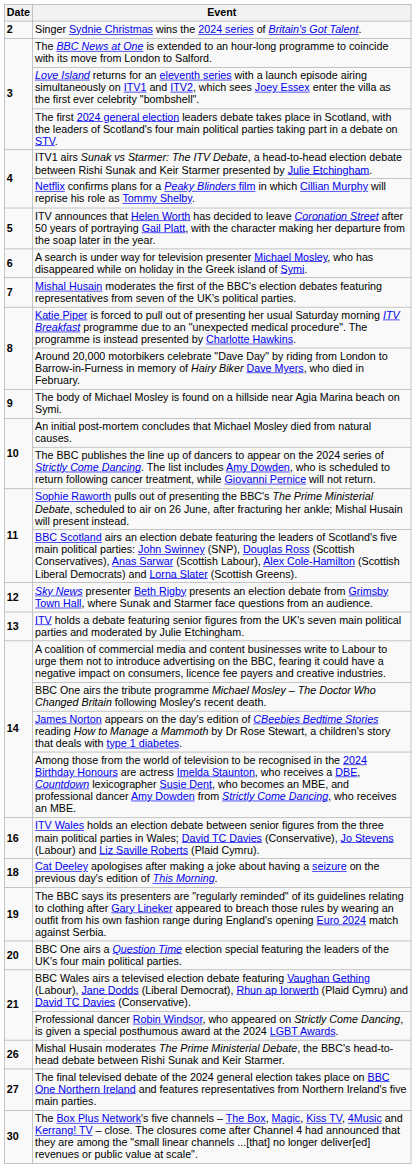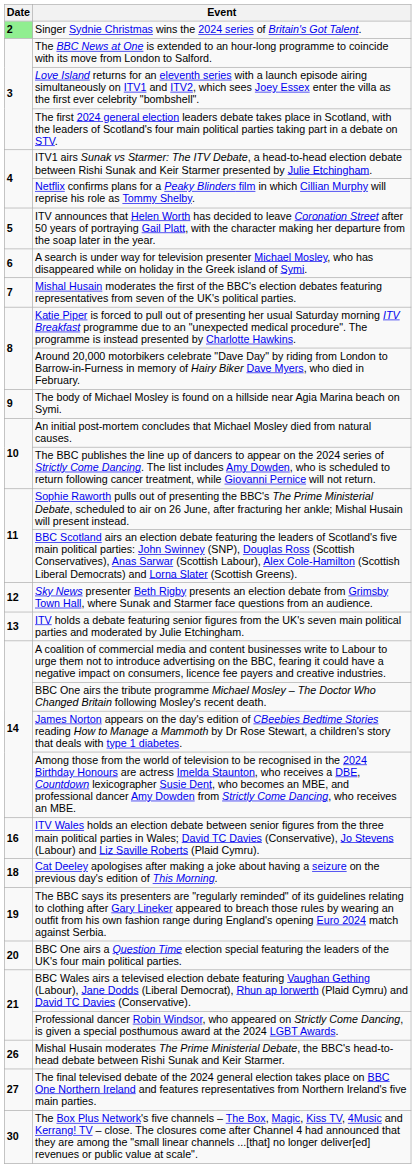 <table class="wikitable">
 <tr>
 <th>Date</th>
 <th>Event</th>
 </tr>
 <tr>
-<td><strong>2</strong></td>
+<td style="background: lightgreen;"><strong>2</strong></td>
 <td>Singer <a href='#'>Sydnie Christmas</a> wins the <a href='#'>2024 series</a> of <em><a href='#'>Britain's Got Talent</a></em>.</td>
 </tr>
 <tr>
 <td rowspan="3"><strong>3</strong></td>
 <td>The <em><a href='#'>BBC News at One</a></em> is extended to an hour-long programme to coincide with its move from London to Salford.</td>
 </tr>
 <tr>
 <td><em><a href='#'>Love Island</a></em> returns for an <a href='#'>eleventh series</a> with a launch episode airing simultaneously on <a href='#'>ITV1</a> and <a href='#'>ITV2</a>, which sees <a href='#'>Joey Essex</a> enter the villa as the first ever celebrity "bombshell".</td>
 </tr>
 <tr>
 <td>The first <a href='#'>2024 general election</a> leaders debate takes place in Scotland, with the leaders of Scotland's four main political parties taking part in a debate on <a href='#'>STV</a>.</td>
 </tr>
 <tr>
 <td rowspan=2><strong>4</strong></td>
 <td>ITV1 airs <em>Sunak vs Starmer: The ITV Debate</em>, a head-to-head election debate between Rishi Sunak and Keir Starmer presented by <a href='#'>Julie Etchingham</a>.</td>
 </tr>
 <tr>
 <td><a href='#'>Netflix</a> confirms plans for a <a href='#'><em>Peaky Blinders</em> film</a> in which <a href='#'>Cillian Murphy</a> will reprise his role as <a href='#'>Tommy Shelby</a>.</td>
 </tr>
 <tr>
 <td><strong>5</strong></td>
 <td>ITV announces that <a href='#'>Helen Worth</a> has decided to leave <em><a href='#'>Coronation Street</a></em> after 50 years of portraying <a href='#'>Gail Platt</a>, with the character making her departure from the soap later in the year.</td>
 </tr>
 <tr>
 <td><strong>6</strong></td>
 <td>A search is under way for television presenter <a href='#'>Michael Mosley</a>, who has disappeared while on holiday in the Greek island of <a href='#'>Symi</a>.</td>
 </tr>
 <tr>
 <td><strong>7</strong></td>
 <td><a href='#'>Mishal Husain</a> moderates the first of the BBC's election debates featuring representatives from seven of the UK's political parties.</td>
 </tr>
 <tr>
 <td rowspan=2><strong>8</strong></td>
 <td><a href='#'>Katie Piper</a> is forced to pull out of presenting her usual Saturday morning <em><a href='#'>ITV Breakfast</a></em> programme due to an "unexpected medical procedure". The programme is instead presented by <a href='#'>Charlotte Hawkins</a>.</td>
 </tr>
 <tr>
 <td>Around 20,000 motorbikers celebrate "Dave Day" by riding from London to Barrow-in-Furness in memory of <em>Hairy Biker</em> <a href='#'>Dave Myers</a>, who died in February.</td>
 </tr>
 <tr>
 <td><strong>9</strong></td>
 <td>The body of Michael Mosley is found on a hillside near Agia Marina beach on Symi.</td>
 </tr>
 <tr>
 <td rowspan=2><strong>10</strong></td>
 <td>An initial post-mortem concludes that Michael Mosley died from natural causes.</td>
 </tr>
 <tr>
 <td>The BBC publishes the line up of dancers to appear on the 2024 series of <em><a href='#'>Strictly Come Dancing</a></em>. The list includes <a href='#'>Amy Dowden</a>, who is scheduled to return following cancer treatment, while <a href='#'>Giovanni Pernice</a> will not return.</td>
 </tr>
 <tr>
 <td rowspan=2><strong>11</strong></td>
 <td><a href='#'>Sophie Raworth</a> pulls out of presenting the BBC's <em>The Prime Ministerial Debate</em>, scheduled to air on 26 June, after fracturing her ankle; Mishal Husain will present instead.</td>
 </tr>
 <tr>
 <td><a href='#'>BBC Scotland</a> airs an election debate featuring the leaders of Scotland's five main political parties: <a href='#'>John Swinney</a> (SNP), <a href='#'>Douglas Ross</a> (Scottish Conservatives), <a href='#'>Anas Sarwar</a> (Scottish Labour), <a href='#'>Alex Cole-Hamilton</a> (Scottish Liberal Democrats) and <a href='#'>Lorna Slater</a> (Scottish Greens).</td>
 </tr>
 <tr>
 <td><strong>12</strong></td>
 <td><em><a href='#'>Sky News</a></em> presenter <a href='#'>Beth Rigby</a> presents an election debate from <a href='#'>Grimsby Town Hall</a>, where Sunak and Starmer face questions from an audience.</td>
 </tr>
 <tr>
 <td><strong>13</strong></td>
 <td><a href='#'>ITV</a> holds a debate featuring senior figures from the UK's seven main political parties and moderated by Julie Etchingham.</td>
 </tr>
 <tr>
 <td rowspan=4><strong>14</strong></td>
 <td>A coalition of commercial media and content businesses write to Labour to urge them not to introduce advertising on the BBC, fearing it could have a negative impact on consumers, licence fee payers and creative industries.</td>
 </tr>
 <tr>
 <td>BBC One airs the tribute programme <em>Michael Mosley – The Doctor Who Changed Britain</em> following Mosley's recent death.</td>
 </tr>
 <tr>
 <td><a href='#'>James Norton</a> appears on the day's edition of <em><a href='#'>CBeebies Bedtime Stories</a></em> reading <em>How to Manage a Mammoth</em> by Dr Rose Stewart, a children's story that deals with <a href='#'>type 1 diabetes</a>.</td>
 </tr>
 <tr>
 <td>Among those from the world of television to be recognised in the <a href='#'>2024 Birthday Honours</a> are actress <a href='#'>Imelda Staunton</a>, who receives a <a href='#'>DBE</a>, <em><a href='#'>Countdown</a></em> lexicographer <a href='#'>Susie Dent</a>, who becomes an MBE, and professional dancer <a href='#'>Amy Dowden</a> from <em><a href='#'>Strictly Come Dancing</a></em>, who receives an MBE.</td>
 </tr>
 <tr>
 <td><strong>16</strong></td>
 <td><a href='#'>ITV Wales</a> holds an election debate between senior figures from the three main political parties in Wales; <a href='#'>David TC Davies</a> (Conservative), <a href='#'>Jo Stevens</a> (Labour) and <a href='#'>Liz Saville Roberts</a> (Plaid Cymru).</td>
 </tr>
 <tr>
 <td><strong>18</strong></td>
 <td><a href='#'>Cat Deeley</a> apologises after making a joke about having a <a href='#'>seizure</a> on the previous day's edition of <em><a href='#'>This Morning</a></em>.</td>
 </tr>
 <tr>
 <td><strong>19</strong></td>
 <td>The BBC says its presenters are "regularly reminded" of its guidelines relating to clothing after <a href='#'>Gary Lineker</a> appeared to breach those rules by wearing an outfit from his own fashion range during England's opening <a href='#'>Euro 2024</a> match against Serbia.</td>
 </tr>
 <tr>
 <td><strong>20</strong></td>
 <td>BBC One airs a <em><a href='#'>Question Time</a></em> election special featuring the leaders of the UK's four main political parties.</td>
 </tr>
 <tr>
 <td rowspan=2><strong>21</strong></td>
 <td>BBC Wales airs a televised election debate featuring <a href='#'>Vaughan Gething</a> (Labour), <a href='#'>Jane Dodds</a> (Liberal Democrat), <a href='#'>Rhun ap Iorwerth</a> (Plaid Cymru) and <a href='#'>David TC Davies</a> (Conservative).</td>
 </tr>
 <tr>
 <td>Professional dancer <a href='#'>Robin Windsor</a>, who appeared on <em>Strictly Come Dancing</em>, is given a special posthumous award at the 2024 <a href='#'>LGBT Awards</a>.</td>
 </tr>
 <tr>
 <td><strong>26</strong></td>
 <td>Mishal Husain moderates <em>The Prime Ministerial Debate</em>, the BBC's head-to-head debate between Rishi Sunak and Keir Starmer.</td>
 </tr>
 <tr>
 <td><strong>27</strong></td>
 <td>The final televised debate of the 2024 general election takes place on <a href='#'>BBC One Northern Ireland</a> and features representatives from Northern Ireland's five main parties.</td>
 </tr>
 <tr>
 <td><strong>30</strong></td>
 <td>The <a href='#'>Box Plus Network</a>'s five channels – <a href='#'>The Box</a>, <a href='#'>Magic</a>, <a href='#'>Kiss TV</a>, <a href='#'>4Music</a> and <a href='#'>Kerrang! TV</a> – close. The closures come after Channel 4 had announced that they are among the "small linear channels ...[that] no longer deliver[ed] revenues or public value at scale".</td>
 </tr>
 </table>
